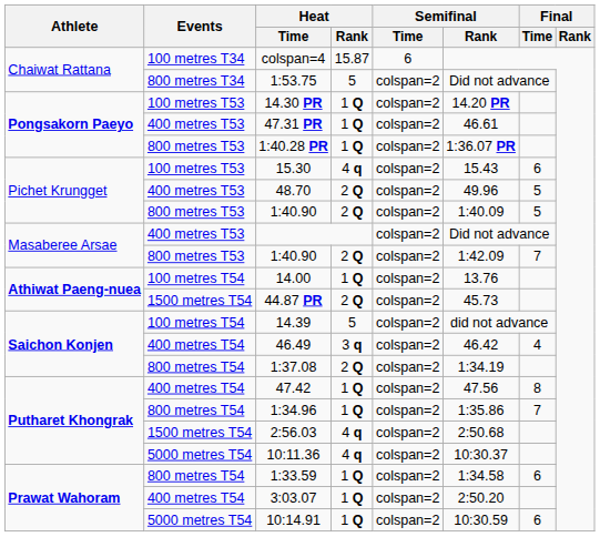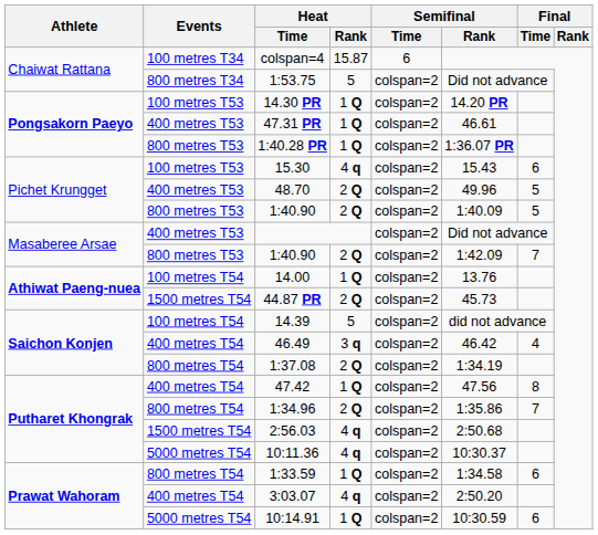 <table class=wikitable style="font-size:90%">
 <tr align=center>
 <th rowspan="2">Athlete</th>
 <th rowspan="2">Events</th>
 <th colspan="2">Heat</th>
 <th colspan="2">Semifinal</th>
 <th colspan="2">Final</th>
 </tr>
 <tr style="font-size:95%">
 <th>Time</th>
 <th>Rank</th>
 <th>Time</th>
 <th>Rank</th>
 <th>Time</th>
 <th>Rank</th>
 </tr>
 <tr align=center>
 <td rowspan=2 align=left><a href='#'>Chaiwat Rattana</a></td>
 <td align=left><a href='#'>100 metres T34</a></td>
 <td>colspan=4 </td>
 <td>15.87</td>
 <td>6</td>
 </tr>
 <tr align=center>
 <td align=left><a href='#'>800 metres T34</a></td>
 <td>1:53.75</td>
 <td>5</td>
 <td>colspan=2 </td>
 <td colspan=2>Did not advance</td>
 </tr>
 <tr align=center>
 <td rowspan=3 align=left><strong><a href='#'>Pongsakorn Paeyo</a></strong></td>
 <td align=left><a href='#'>100 metres T53</a></td>
 <td>14.30 <strong><a href='#'>PR</a></strong></td>
 <td>1 <strong>Q</strong></td>
 <td>colspan=2 </td>
 <td>14.20 <strong><a href='#'>PR</a></strong></td>
 <td></td>
 </tr>
 <tr align=center>
 <td align=left><a href='#'>400 metres T53</a></td>
 <td>47.31 <strong><a href='#'>PR</a></strong></td>
 <td>1 <strong>Q</strong></td>
 <td>colspan=2 </td>
 <td>46.61 <strong></strong></td>
 <td></td>
 </tr>
 <tr align=center>
 <td align=left><a href='#'>800 metres T53</a></td>
 <td>1:40.28 <strong><a href='#'>PR</a></strong></td>
 <td>1 <strong>Q</strong></td>
 <td>colspan=2 </td>
 <td>1:36.07 <strong><a href='#'>PR</a></strong></td>
 <td></td>
 </tr>
 <tr align=center>
 <td rowspan=3 align=left><a href='#'>Pichet Krungget</a></td>
 <td align=left><a href='#'>100 metres T53</a></td>
 <td>15.30</td>
 <td>4 <strong>q</strong></td>
 <td>colspan=2 </td>
 <td>15.43</td>
 <td>6</td>
 </tr>
 <tr align=center>
 <td align=left><a href='#'>400 metres T53</a></td>
 <td>48.70</td>
 <td>2 <strong>Q</strong></td>
 <td>colspan=2 </td>
 <td>49.96</td>
 <td>5</td>
 </tr>
 <tr align=center>
 <td align=left><a href='#'>800 metres T53</a></td>
 <td>1:40.90</td>
 <td>2 <strong>Q</strong></td>
 <td>colspan=2 </td>
 <td>1:40.09</td>
 <td>5</td>
 </tr>
 <tr align=center>
 <td rowspan=2 align=left><a href='#'>Masaberee Arsae</a></td>
 <td align=left><a href='#'>400 metres T53</a></td>
 <td colspan=2></td>
 <td>colspan=2 </td>
 <td colspan=2>Did not advance</td>
 </tr>
 <tr align=center>
 <td align=left><a href='#'>800 metres T53</a></td>
 <td>1:40.90</td>
 <td>2 <strong>Q</strong></td>
 <td>colspan=2 </td>
 <td>1:42.09</td>
 <td>7</td>
 </tr>
 <tr align=center>
 <td rowspan="2" align=left><strong><a href='#'>Athiwat Paeng-nuea</a></strong></td>
 <td align=left><a href='#'>100 metres T54</a></td>
 <td>14.00</td>
 <td>1 <strong>Q</strong></td>
 <td>colspan=2 </td>
 <td>13.76 <strong></strong></td>
 <td></td>
 </tr>
 <tr align=center>
 <td align=left><a href='#'>1500 metres T54</a></td>
 <td>44.87 <strong><a href='#'>PR</a></strong></td>
 <td>2 <strong>Q</strong></td>
 <td>colspan=2 </td>
 <td>45.73</td>
 <td></td>
 </tr>
 <tr align=center>
 <td rowspan="3" align=left><strong><a href='#'>Saichon Konjen</a></strong></td>
 <td align=left><a href='#'>100 metres T54</a></td>
 <td>14.39</td>
 <td>5</td>
 <td>colspan=2 </td>
 <td colspan=2>did not advance</td>
 </tr>
 <tr align=center>
 <td align=left><a href='#'>400 metres T54</a></td>
 <td>46.49</td>
 <td>3 <strong>q</strong></td>
 <td>colspan=2 </td>
 <td>46.42</td>
 <td>4</td>
 </tr>
 <tr align=center>
 <td align=left><a href='#'>800 metres T54</a></td>
 <td>1:37.08</td>
 <td>2 <strong>Q</strong></td>
 <td>colspan=2 </td>
 <td>1:34.19</td>
 <td></td>
 </tr>
 <tr align=center>
 <td rowspan="4" align=left><strong><a href='#'>Putharet Khongrak</a></strong></td>
 <td align=left><a href='#'>400 metres T54</a></td>
 <td>47.42</td>
 <td>1 <strong>Q</strong></td>
 <td>colspan=2 </td>
 <td>47.56</td>
 <td>8</td>
 </tr>
 <tr align=center>
 <td align=left><a href='#'>800 metres T54</a></td>
 <td>1:34.96</td>
-<td>1 <strong>Q</strong></td>
+<td>2 <strong>Q</strong></td>
 <td>colspan=2 </td>
 <td>1:35.86</td>
 <td>7</td>
 </tr>
 <tr align=center>
 <td align=left><a href='#'>1500 metres T54</a></td>
 <td>2:56.03</td>
 <td>4 <strong>q</strong></td>
 <td>colspan=2 </td>
 <td>2:50.68  <strong></strong></td>
 <td></td>
 </tr>
 <tr align=center>
 <td align=left><a href='#'>5000 metres T54</a></td>
 <td>10:11.36</td>
 <td>4 <strong>q</strong></td>
 <td>colspan=2 </td>
 <td>10:30.37</td>
 <td></td>
 </tr>
 <tr align=center>
 <td rowspan=3 align=left><strong><a href='#'>Prawat Wahoram</a></strong></td>
 <td align=left><a href='#'>800 metres T54</a></td>
 <td>1:33.59</td>
 <td>1 <strong>Q</strong></td>
 <td>colspan=2 </td>
 <td>1:34.58</td>
 <td>6</td>
 </tr>
 <tr align=center>
 <td align=left><a href='#'>400 metres T54</a></td>
 <td>3:03.07</td>
-<td>1 <strong>Q</strong></td>
+<td>4 <strong>q</strong></td>
 <td>colspan=2 </td>
 <td>2:50.20 <strong></strong></td>
 <td></td>
 </tr>
 <tr align=center>
 <td align=left><a href='#'>5000 metres T54</a></td>
 <td>10:14.91</td>
 <td>1 <strong>Q</strong></td>
 <td>colspan=2 </td>
 <td>10:30.59</td>
 <td>6</td>
 </tr>
 </table>
